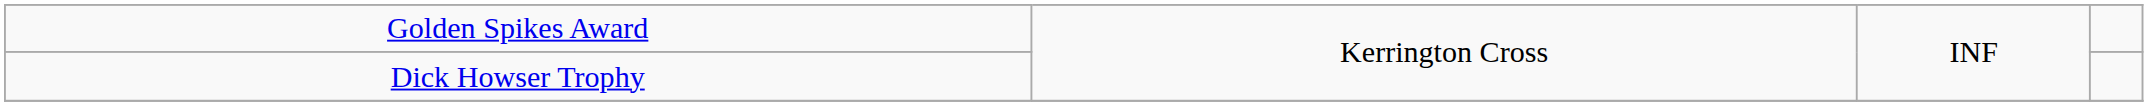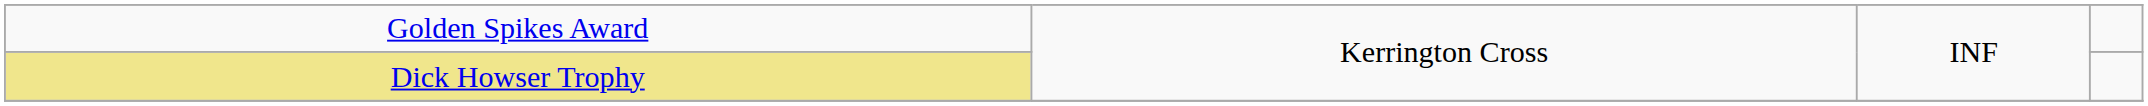 <table class="wikitable" style="width: 90%;text-align: center;">
 <tr align="center">
 <td><a href='#'>Golden Spikes Award</a></td>
 <td rowspan=2>Kerrington Cross</td>
 <td rowspan=2>INF</td>
 <td></td>
 </tr>
 <tr>
-<td><a href='#'>Dick Howser Trophy</a></td>
+<td style="background: khaki;"><a href='#'>Dick Howser Trophy</a></td>
 <td></td>
 </tr>
 <tr>
 </tr>
 </table>
